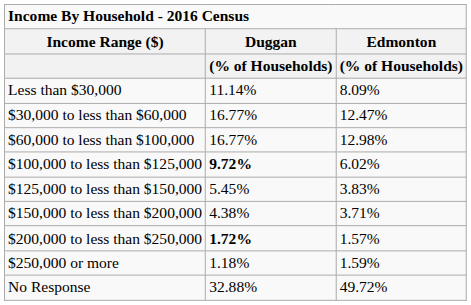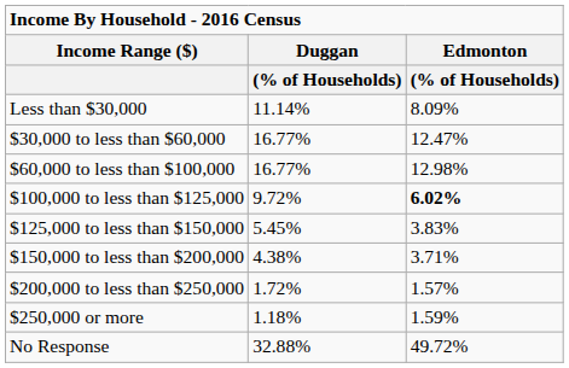 <table class="wikitable">
 <tr>
 <td colspan="3"><strong>Income By Household - 2016 Census</strong></td>
 </tr>
 <tr>
 <th>Income Range ($)</th>
 <th>Duggan</th>
 <th>Edmonton</th>
 </tr>
 <tr>
 <th></th>
 <th>(% of Households)</th>
 <th>(% of Households)</th>
 </tr>
 <tr>
 <td>Less than $30,000</td>
 <td>11.14%</td>
 <td>8.09%</td>
 </tr>
 <tr>
 <td>$30,000 to less than $60,000</td>
 <td>16.77%</td>
 <td>12.47%</td>
 </tr>
 <tr>
 <td>$60,000 to less than $100,000</td>
 <td>16.77%</td>
 <td>12.98%</td>
 </tr>
 <tr>
 <td>$100,000 to less than $125,000</td>
-<td><strong>9.72%</strong></td>
-<td>6.02%</td>
+<td>9.72%</td>
+<td><strong>6.02%</strong></td>
 </tr>
 <tr>
 <td>$125,000 to less than $150,000</td>
 <td>5.45%</td>
 <td>3.83%</td>
 </tr>
 <tr>
 <td>$150,000 to less than $200,000</td>
 <td>4.38%</td>
 <td>3.71%</td>
 </tr>
 <tr>
 <td>$200,000 to less than $250,000</td>
-<td><strong>1.72%</strong></td>
+<td>1.72%</td>
 <td>1.57%</td>
 </tr>
 <tr>
 <td>$250,000 or more</td>
 <td>1.18%</td>
 <td>1.59%</td>
 </tr>
 <tr>
 <td>No Response</td>
 <td>32.88%</td>
 <td>49.72%</td>
 </tr>
 </table>
